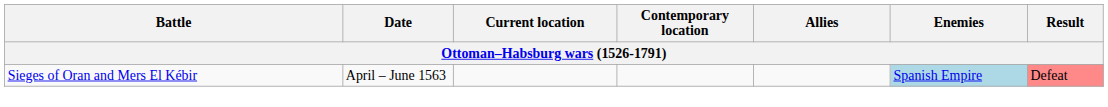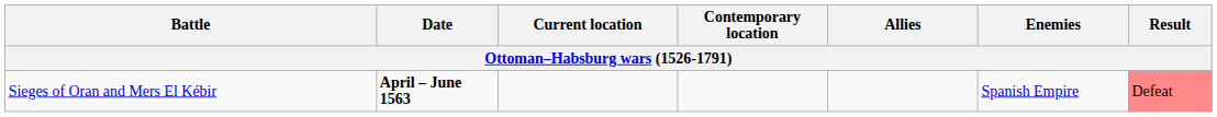 <table class="wikitable sortable" style="width:100%;">
 <tr>
 <th>Battle</th>
 <th style="width:120px;">Date</th>
 <th style="width:180px;">Current location</th>
 <th style="width:150px;">Contemporary location</th>
 <th style="width:150px;">Allies</th>
 <th style="width:150px;">Enemies</th>
 <th style="width:80px;">Result</th>
 </tr>
 <tr>
 <th colspan="7"><a href='#'>Ottoman–Habsburg wars</a> (1526-1791)</th>
 </tr>
 <tr>
 <td><a href='#'>Sieges of Oran and Mers El Kébir</a></td>
-<td>April – June 1563</td>
+<td><strong>April – June 1563</strong></td>
 <td></td>
 <td></td>
 <td></td>
-<td style="background: lightblue;"> <a href='#'>Spanish Empire</a></td>
+<td> <a href='#'>Spanish Empire</a></td>
 <td style="background:#F88">Defeat</td>
 </tr>
 </table>
